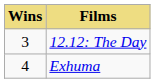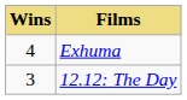 <table class="wikitable" align="center">
 <tr>
 <th style="background:#EEDD82; text-align:center">Wins</th>
 <th style="background:#EEDD82; text-align:center">Films</th>
 </tr>
 <tr>
+<td style="text-align:center">4</td>
+<td><em><a href='#'>Exhuma</a></em></td>
+</tr>
+<tr>
 <td style="text-align:center">3</td>
 <td><em><a href='#'>12.12: The Day</a></em></td>
 </tr>
-<tr>
-<td style="text-align:center">4</td>
-<td><em><a href='#'>Exhuma</a></em></td>
-</tr>
 </table>
